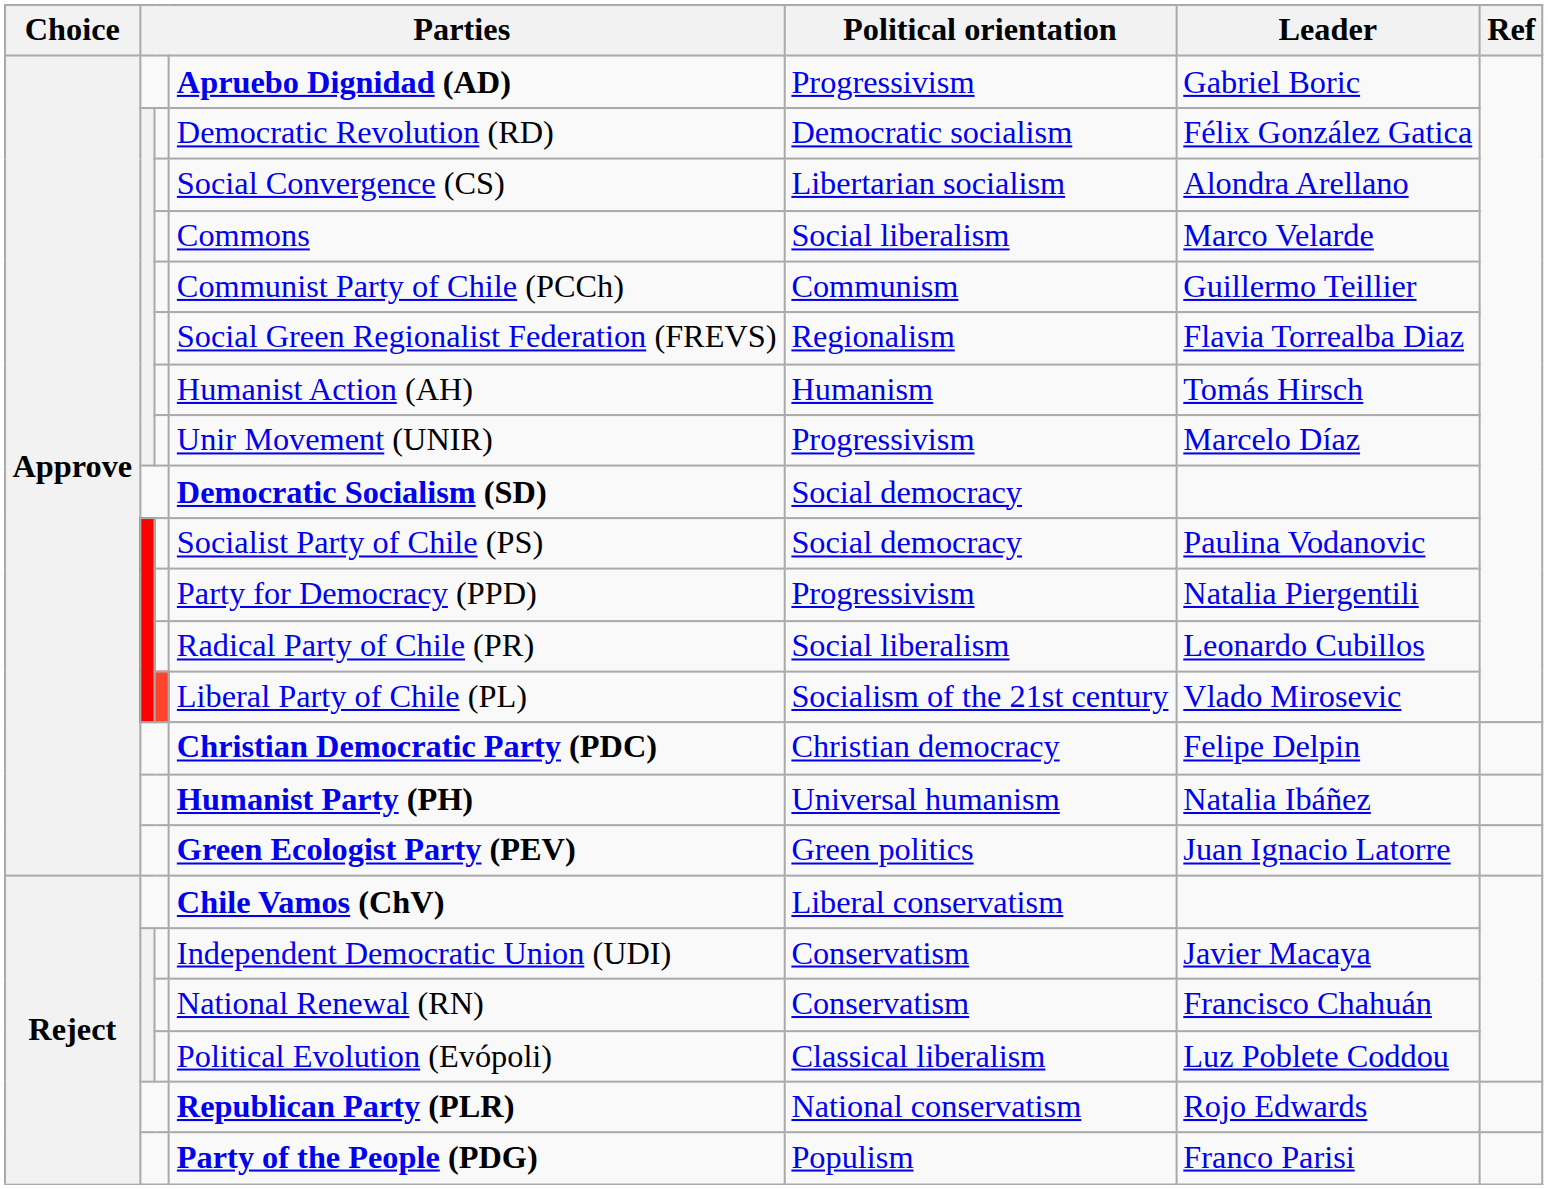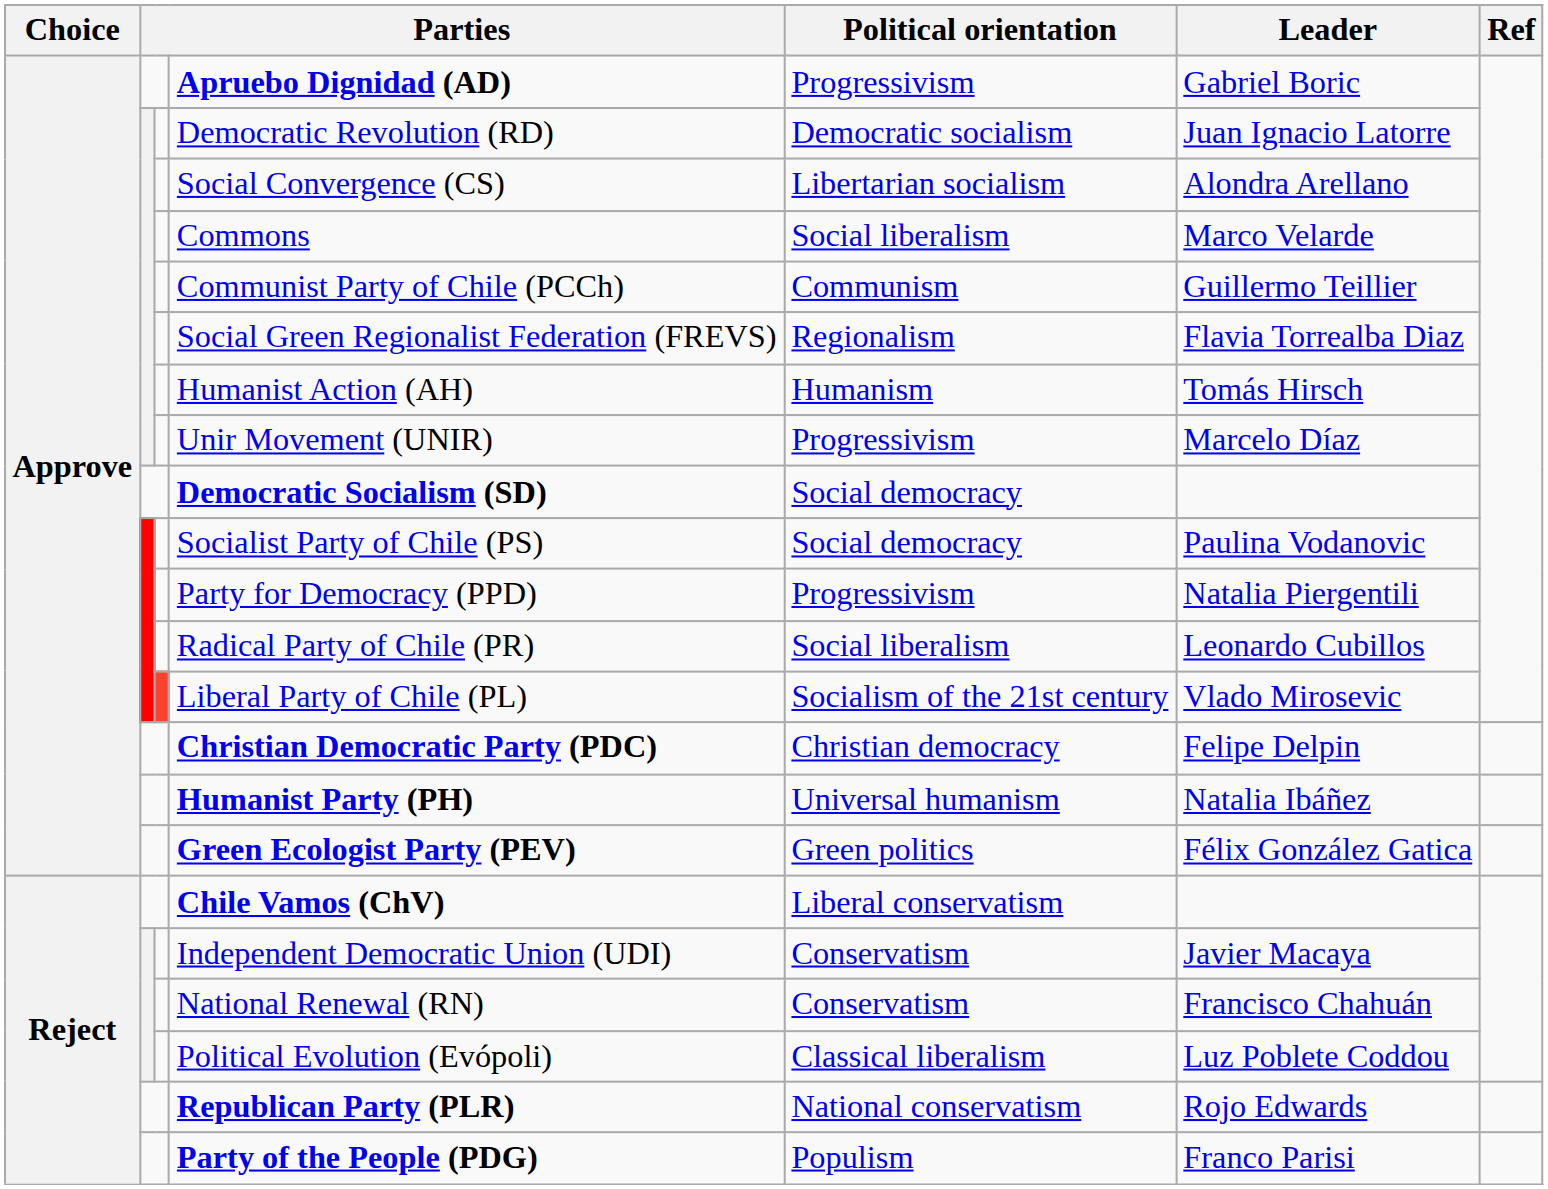 <table class=wikitable>
 <tr>
 <th>Choice</th>
 <th colspan=3>Parties</th>
 <th>Political orientation</th>
 <th>Leader</th>
 <th>Ref</th>
 </tr>
 <tr>
 <th rowspan="16"> Approve</th>
 <td colspan=2 style="background-color: "></td>
 <td> <strong><a href='#'>Apruebo Dignidad</a> (AD)</strong></td>
 <td><a href='#'>Progressivism</a></td>
 <td><a href='#'>Gabriel Boric</a></td>
 <td rowspan="13"></td>
 </tr>
 <tr>
 <th rowspan=7 style="background-color: "></th>
 <td style="color:inherit;background-color:"></td>
 <td> <a href='#'>Democratic Revolution</a> (RD)</td>
 <td><a href='#'>Democratic socialism</a></td>
-<td><a href='#'>Félix González Gatica</a></td>
+<td><a href='#'>Juan Ignacio Latorre</a></td>
 </tr>
 <tr>
 <td style="color:inherit;background-color:"></td>
 <td> <a href='#'>Social Convergence</a> (CS)</td>
 <td><a href='#'>Libertarian socialism</a></td>
 <td><a href='#'>Alondra Arellano</a></td>
 </tr>
 <tr>
 <td style="color:inherit;background-color:"></td>
 <td> <a href='#'>Commons</a></td>
 <td><a href='#'>Social liberalism</a></td>
 <td><a href='#'>Marco Velarde</a></td>
 </tr>
 <tr>
 <td style="color:inherit;background-color:"></td>
 <td> <a href='#'>Communist Party of Chile</a> (PCCh)</td>
 <td><a href='#'>Communism</a></td>
 <td><a href='#'>Guillermo Teillier</a></td>
 </tr>
 <tr>
 <td style="color:inherit;background-color:"></td>
 <td><a href='#'>Social Green Regionalist Federation</a> (FREVS)</td>
 <td><a href='#'>Regionalism</a></td>
 <td><a href='#'>Flavia Torrealba Diaz</a></td>
 </tr>
 <tr>
 <td style="color:inherit;background-color:"></td>
 <td> <a href='#'>Humanist Action</a> (AH)</td>
 <td><a href='#'>Humanism</a></td>
 <td><a href='#'>Tomás Hirsch</a></td>
 </tr>
 <tr>
 <td style="color:inherit;background-color:"></td>
 <td> <a href='#'>Unir Movement</a> (UNIR)</td>
 <td><a href='#'>Progressivism</a></td>
 <td><a href='#'>Marcelo Díaz</a></td>
 </tr>
 <tr>
 <td colspan=2 style="background-color:"></td>
 <td><strong><a href='#'>Democratic Socialism</a> (SD)</strong></td>
 <td><a href='#'>Social democracy</a></td>
 <td></td>
 </tr>
 <tr>
 <th rowspan="4" style="background-color: #FF0000"></th>
 <td style="color:inherit;background-color:"></td>
 <td> <a href='#'>Socialist Party of Chile</a> (PS)</td>
 <td><a href='#'>Social democracy</a></td>
 <td><a href='#'>Paulina Vodanovic</a></td>
 </tr>
 <tr>
 <td style="color:inherit;background-color:"></td>
 <td> <a href='#'>Party for Democracy</a> (PPD)</td>
 <td><a href='#'>Progressivism</a></td>
 <td><a href='#'>Natalia Piergentili</a></td>
 </tr>
 <tr>
 <td style="color:inherit;background-color:"></td>
 <td> <a href='#'>Radical Party of Chile</a> (PR)</td>
 <td><a href='#'>Social liberalism</a></td>
 <td><a href='#'>Leonardo Cubillos</a></td>
 </tr>
 <tr>
 <td style="color:inherit;background-color:#FF432C"></td>
 <td> <a href='#'>Liberal Party of Chile</a> (PL)</td>
 <td><a href='#'>Socialism of the 21st century</a></td>
 <td><a href='#'>Vlado Mirosevic</a></td>
 </tr>
 <tr>
 <td colspan=2 style="background-color: "></td>
 <td> <strong><a href='#'>Christian Democratic Party</a> (PDC)</strong></td>
 <td><a href='#'>Christian democracy</a></td>
 <td><a href='#'>Felipe Delpin</a></td>
 <td></td>
 </tr>
 <tr>
 <td colspan=2 style="background-color: "></td>
 <td> <strong><a href='#'>Humanist Party</a> (PH)</strong></td>
 <td><a href='#'>Universal humanism</a></td>
 <td><a href='#'>Natalia Ibáñez</a></td>
 <td></td>
 </tr>
 <tr>
 <td colspan=2 style="background-color: "></td>
 <td><strong><a href='#'>Green Ecologist Party</a> (PEV)</strong></td>
 <td><a href='#'>Green politics</a></td>
-<td><a href='#'>Juan Ignacio Latorre</a></td>
+<td><a href='#'>Félix González Gatica</a></td>
 <td></td>
 </tr>
 <tr>
 <th rowspan="21"> Reject</th>
 <td colspan=2 style="background-color: "></td>
 <td> <strong><a href='#'>Chile Vamos</a> (ChV)</strong></td>
 <td><a href='#'>Liberal conservatism</a></td>
 <td></td>
 <td rowspan="4"></td>
 </tr>
 <tr>
 <th rowspan="3" style="background-color: "></th>
 <td style="color:inherit;background-color:"></td>
 <td> <a href='#'>Independent Democratic Union</a> (UDI)</td>
 <td><a href='#'>Conservatism</a></td>
 <td><a href='#'>Javier Macaya</a></td>
 </tr>
 <tr>
 <td style="color:inherit;background-color:"></td>
 <td> <a href='#'>National Renewal</a> (RN)</td>
 <td><a href='#'>Conservatism</a></td>
 <td><a href='#'>Francisco Chahuán</a></td>
 </tr>
 <tr>
 <td style="color:inherit;background-color:"></td>
 <td> <a href='#'>Political Evolution</a> (Evópoli)</td>
 <td><a href='#'>Classical liberalism</a></td>
 <td><a href='#'>Luz Poblete Coddou</a></td>
 </tr>
 <tr>
 <td colspan=2 style="background-color: "></td>
 <td> <strong><a href='#'>Republican Party</a> (PLR)</strong></td>
 <td><a href='#'>National conservatism</a></td>
 <td><a href='#'>Rojo Edwards</a></td>
 <td></td>
 </tr>
 <tr>
 <td colspan=2 style="background-color: "></td>
 <td><strong><a href='#'>Party of the People</a> (PDG)</strong></td>
 <td><a href='#'>Populism</a></td>
 <td><a href='#'>Franco Parisi</a></td>
 <td></td>
 </tr>
 <tr>
 </tr>
 </table>
